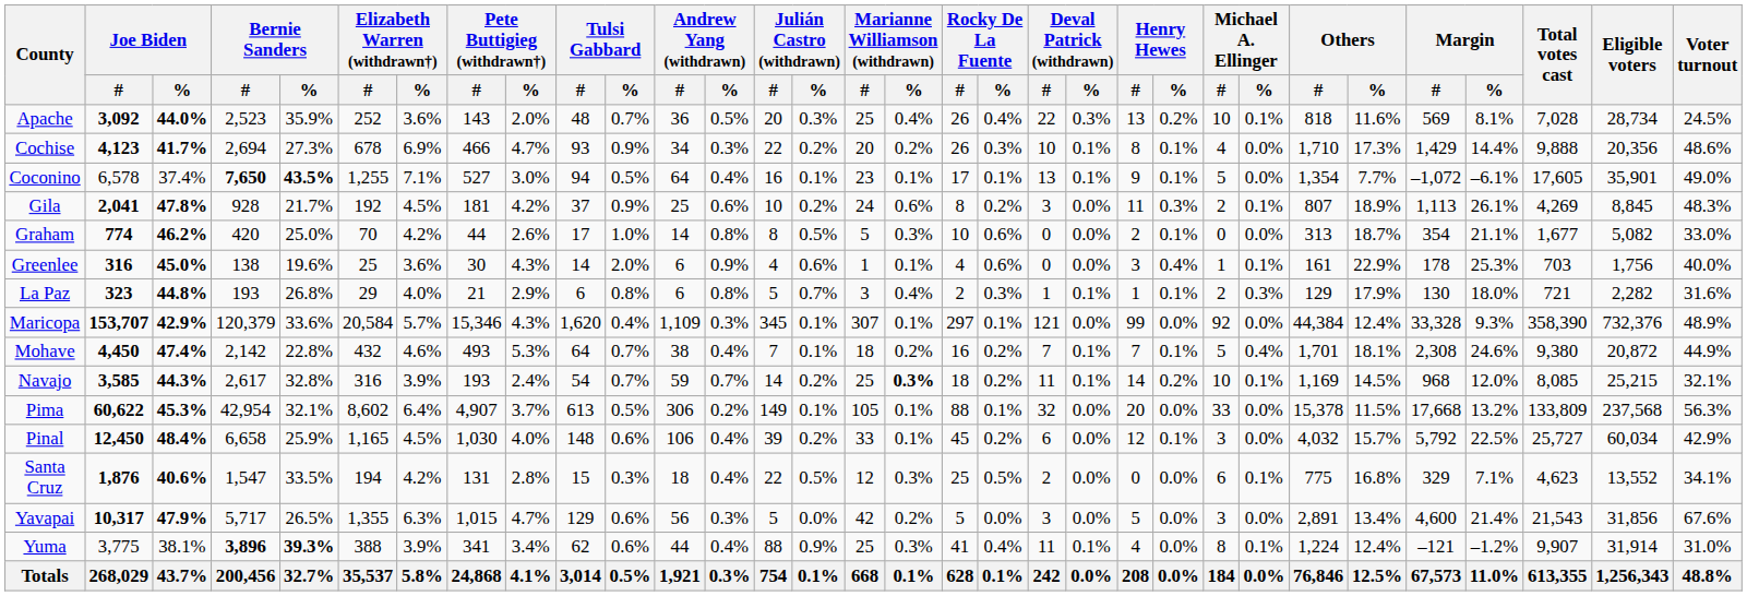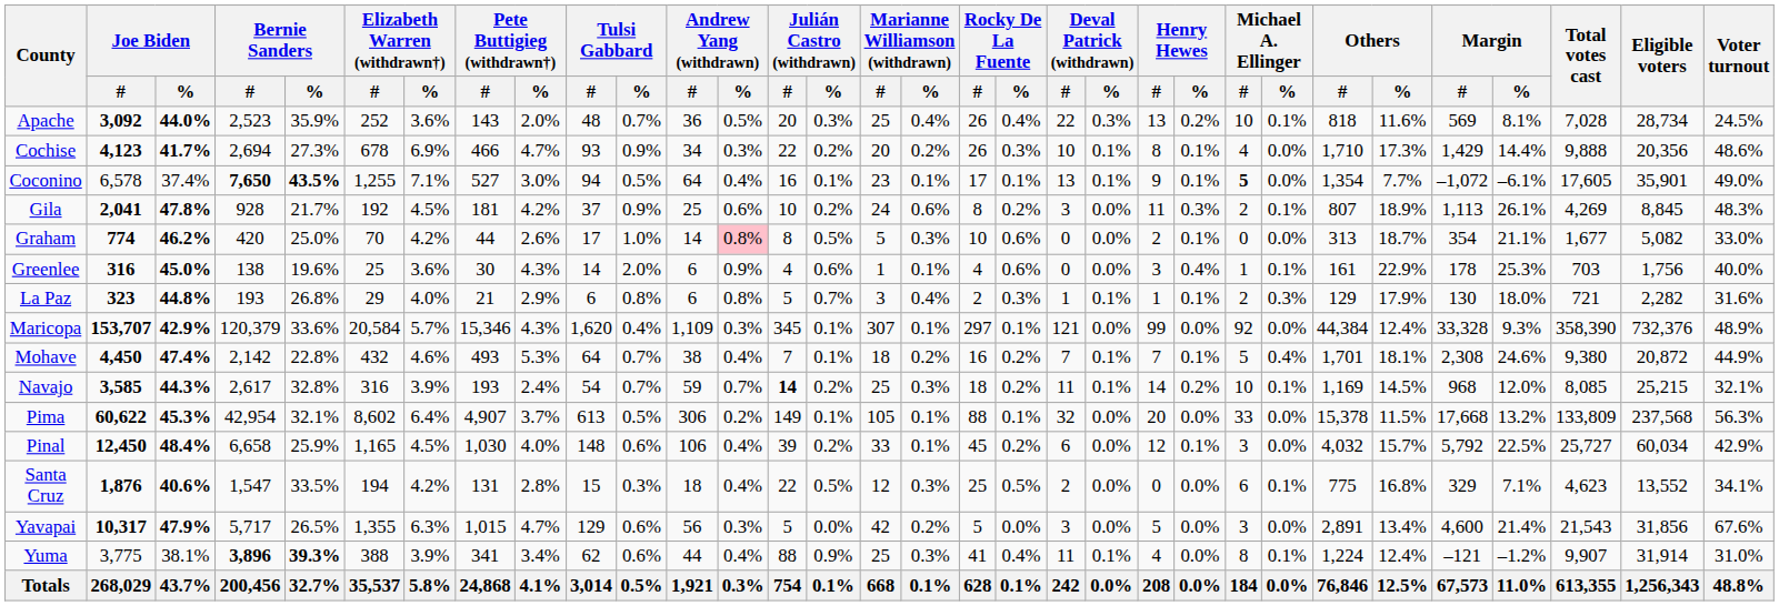 <table class="wikitable sortable">
 <tr>
 <th rowspan="2">County</th>
 <th colspan="2"><a href='#'>Joe Biden</a></th>
 <th colspan="2"><a href='#'>Bernie Sanders</a></th>
 <th colspan="2"><a href='#'>Elizabeth Warren</a><br><small>(withdrawn†)</small></th>
 <th colspan="2"><a href='#'>Pete Buttigieg</a><br><small>(withdrawn†)</small></th>
 <th colspan="2"><a href='#'>Tulsi Gabbard</a></th>
 <th colspan="2"><a href='#'>Andrew Yang</a><br><small>(withdrawn)</small></th>
 <th colspan="2"><a href='#'>Julián Castro</a><br><small>(withdrawn)</small></th>
 <th colspan="2"><a href='#'>Marianne Williamson</a><br><small>(withdrawn)</small></th>
 <th colspan="2"><a href='#'>Rocky De La Fuente</a></th>
 <th colspan="2"><a href='#'>Deval Patrick</a><br><small>(withdrawn)</small></th>
 <th colspan="2"><a href='#'>Henry Hewes</a></th>
 <th colspan="2">Michael A. Ellinger</th>
 <th colspan="2">Others</th>
 <th colspan="2">Margin</th>
 <th rowspan="2">Total votes cast</th>
 <th rowspan="2">Eligible voters</th>
 <th rowspan="2">Voter turnout</th>
 </tr>
 <tr>
 <th data-sort-type="number" style="text-align:center;">#</th>
 <th data-sort-type="number" style="text-align:center;">%</th>
 <th data-sort-type="number" style="text-align:center;">#</th>
 <th data-sort-type="number" style="text-align:center;">%</th>
 <th data-sort-type="number" style="text-align:center;">#</th>
 <th data-sort-type="number" style="text-align:center;">%</th>
 <th data-sort-type="number" style="text-align:center;">#</th>
 <th data-sort-type="number" style="text-align:center;">%</th>
 <th data-sort-type="number" style="text-align:center;">#</th>
 <th data-sort-type="number" style="text-align:center;">%</th>
 <th data-sort-type="number" style="text-align:center;">#</th>
 <th data-sort-type="number" style="text-align:center;">%</th>
 <th data-sort-type="number" style="text-align:center;">#</th>
 <th data-sort-type="number" style="text-align:center;">%</th>
 <th data-sort-type="number" style="text-align:center;">#</th>
 <th data-sort-type="number" style="text-align:center;">%</th>
 <th>#</th>
 <th>%</th>
 <th>#</th>
 <th>%</th>
 <th>#</th>
 <th>%</th>
 <th>#</th>
 <th>%</th>
 <th>#</th>
 <th>%</th>
 <th data-sort-type="number" style="text-align:center;">#</th>
 <th data-sort-type="number" style="text-align:center;">%</th>
 </tr>
 <tr style="text-align:center;">
 <td><a href='#'>Apache</a></td>
 <td><strong>3,092</strong></td>
 <td><strong>44.0%</strong></td>
 <td>2,523</td>
 <td>35.9%</td>
 <td>252</td>
 <td>3.6%</td>
 <td>143</td>
 <td>2.0%</td>
 <td>48</td>
 <td>0.7%</td>
 <td>36</td>
 <td>0.5%</td>
 <td>20</td>
 <td>0.3%</td>
 <td>25</td>
 <td>0.4%</td>
 <td>26</td>
 <td>0.4%</td>
 <td>22</td>
 <td>0.3%</td>
 <td>13</td>
 <td>0.2%</td>
 <td>10</td>
 <td>0.1%</td>
 <td>818</td>
 <td>11.6%</td>
 <td>569</td>
 <td>8.1%</td>
 <td>7,028</td>
 <td>28,734</td>
 <td>24.5%</td>
 </tr>
 <tr style="text-align:center;">
 <td><a href='#'>Cochise</a></td>
 <td><strong>4,123</strong></td>
 <td><strong>41.7%</strong></td>
 <td>2,694</td>
 <td>27.3%</td>
 <td>678</td>
 <td>6.9%</td>
 <td>466</td>
 <td>4.7%</td>
 <td>93</td>
 <td>0.9%</td>
 <td>34</td>
 <td>0.3%</td>
 <td>22</td>
 <td>0.2%</td>
 <td>20</td>
 <td>0.2%</td>
 <td>26</td>
 <td>0.3%</td>
 <td>10</td>
 <td>0.1%</td>
 <td>8</td>
 <td>0.1%</td>
 <td>4</td>
 <td>0.0%</td>
 <td>1,710</td>
 <td>17.3%</td>
 <td>1,429</td>
 <td>14.4%</td>
 <td>9,888</td>
 <td>20,356</td>
 <td>48.6%</td>
 </tr>
 <tr style="text-align:center;">
 <td><a href='#'>Coconino</a></td>
 <td>6,578</td>
 <td>37.4%</td>
 <td><strong>7,650</strong></td>
 <td><strong>43.5%</strong></td>
 <td>1,255</td>
 <td>7.1%</td>
 <td>527</td>
 <td>3.0%</td>
 <td>94</td>
 <td>0.5%</td>
 <td>64</td>
 <td>0.4%</td>
 <td>16</td>
 <td>0.1%</td>
 <td>23</td>
 <td>0.1%</td>
 <td>17</td>
 <td>0.1%</td>
 <td>13</td>
 <td>0.1%</td>
 <td>9</td>
 <td>0.1%</td>
-<td>5</td>
+<td><strong>5</strong></td>
 <td>0.0%</td>
 <td>1,354</td>
 <td>7.7%</td>
 <td>–1,072</td>
 <td>–6.1%</td>
 <td>17,605</td>
 <td>35,901</td>
 <td>49.0%</td>
 </tr>
 <tr style="text-align:center;">
 <td><a href='#'>Gila</a></td>
 <td><strong>2,041</strong></td>
 <td><strong>47.8%</strong></td>
 <td>928</td>
 <td>21.7%</td>
 <td>192</td>
 <td>4.5%</td>
 <td>181</td>
 <td>4.2%</td>
 <td>37</td>
 <td>0.9%</td>
 <td>25</td>
 <td>0.6%</td>
 <td>10</td>
 <td>0.2%</td>
 <td>24</td>
 <td>0.6%</td>
 <td>8</td>
 <td>0.2%</td>
 <td>3</td>
 <td>0.0%</td>
 <td>11</td>
 <td>0.3%</td>
 <td>2</td>
 <td>0.1%</td>
 <td>807</td>
 <td>18.9%</td>
 <td>1,113</td>
 <td>26.1%</td>
 <td>4,269</td>
 <td>8,845</td>
 <td>48.3%</td>
 </tr>
 <tr style="text-align:center;">
 <td><a href='#'>Graham</a></td>
 <td><strong>774</strong></td>
 <td><strong>46.2%</strong></td>
 <td>420</td>
 <td>25.0%</td>
 <td>70</td>
 <td>4.2%</td>
 <td>44</td>
 <td>2.6%</td>
 <td>17</td>
 <td>1.0%</td>
 <td>14</td>
-<td>0.8%</td>
+<td style="background: pink;">0.8%</td>
 <td>8</td>
 <td>0.5%</td>
 <td>5</td>
 <td>0.3%</td>
 <td>10</td>
 <td>0.6%</td>
 <td>0</td>
 <td>0.0%</td>
 <td>2</td>
 <td>0.1%</td>
 <td>0</td>
 <td>0.0%</td>
 <td>313</td>
 <td>18.7%</td>
 <td>354</td>
 <td>21.1%</td>
 <td>1,677</td>
 <td>5,082</td>
 <td>33.0%</td>
 </tr>
 <tr style="text-align:center;">
 <td><a href='#'>Greenlee</a></td>
 <td><strong>316</strong></td>
 <td><strong>45.0%</strong></td>
 <td>138</td>
 <td>19.6%</td>
 <td>25</td>
 <td>3.6%</td>
 <td>30</td>
 <td>4.3%</td>
 <td>14</td>
 <td>2.0%</td>
 <td>6</td>
 <td>0.9%</td>
 <td>4</td>
 <td>0.6%</td>
 <td>1</td>
 <td>0.1%</td>
 <td>4</td>
 <td>0.6%</td>
 <td>0</td>
 <td>0.0%</td>
 <td>3</td>
 <td>0.4%</td>
 <td>1</td>
 <td>0.1%</td>
 <td>161</td>
 <td>22.9%</td>
 <td>178</td>
 <td>25.3%</td>
 <td>703</td>
 <td>1,756</td>
 <td>40.0%</td>
 </tr>
 <tr style="text-align:center;">
 <td><a href='#'>La Paz</a></td>
 <td><strong>323</strong></td>
 <td><strong>44.8%</strong></td>
 <td>193</td>
 <td>26.8%</td>
 <td>29</td>
 <td>4.0%</td>
 <td>21</td>
 <td>2.9%</td>
 <td>6</td>
 <td>0.8%</td>
 <td>6</td>
 <td>0.8%</td>
 <td>5</td>
 <td>0.7%</td>
 <td>3</td>
 <td>0.4%</td>
 <td>2</td>
 <td>0.3%</td>
 <td>1</td>
 <td>0.1%</td>
 <td>1</td>
 <td>0.1%</td>
 <td>2</td>
 <td>0.3%</td>
 <td>129</td>
 <td>17.9%</td>
 <td>130</td>
 <td>18.0%</td>
 <td>721</td>
 <td>2,282</td>
 <td>31.6%</td>
 </tr>
 <tr style="text-align:center;">
 <td><a href='#'>Maricopa</a></td>
 <td><strong>153,707</strong></td>
 <td><strong>42.9%</strong></td>
 <td>120,379</td>
 <td>33.6%</td>
 <td>20,584</td>
 <td>5.7%</td>
 <td>15,346</td>
 <td>4.3%</td>
 <td>1,620</td>
 <td>0.4%</td>
 <td>1,109</td>
 <td>0.3%</td>
 <td>345</td>
 <td>0.1%</td>
 <td>307</td>
 <td>0.1%</td>
 <td>297</td>
 <td>0.1%</td>
 <td>121</td>
 <td>0.0%</td>
 <td>99</td>
 <td>0.0%</td>
 <td>92</td>
 <td>0.0%</td>
 <td>44,384</td>
 <td>12.4%</td>
 <td>33,328</td>
 <td>9.3%</td>
 <td>358,390</td>
 <td>732,376</td>
 <td>48.9%</td>
 </tr>
 <tr style="text-align:center;">
 <td><a href='#'>Mohave</a></td>
 <td><strong>4,450</strong></td>
 <td><strong>47.4%</strong></td>
 <td>2,142</td>
 <td>22.8%</td>
 <td>432</td>
 <td>4.6%</td>
 <td>493</td>
 <td>5.3%</td>
 <td>64</td>
 <td>0.7%</td>
 <td>38</td>
 <td>0.4%</td>
 <td>7</td>
 <td>0.1%</td>
 <td>18</td>
 <td>0.2%</td>
 <td>16</td>
 <td>0.2%</td>
 <td>7</td>
 <td>0.1%</td>
 <td>7</td>
 <td>0.1%</td>
 <td>5</td>
 <td>0.4%</td>
 <td>1,701</td>
 <td>18.1%</td>
 <td>2,308</td>
 <td>24.6%</td>
 <td>9,380</td>
 <td>20,872</td>
 <td>44.9%</td>
 </tr>
 <tr style="text-align:center;">
 <td><a href='#'>Navajo</a></td>
 <td><strong>3,585</strong></td>
 <td><strong>44.3%</strong></td>
 <td>2,617</td>
 <td>32.8%</td>
 <td>316</td>
 <td>3.9%</td>
 <td>193</td>
 <td>2.4%</td>
 <td>54</td>
 <td>0.7%</td>
 <td>59</td>
 <td>0.7%</td>
-<td>14</td>
+<td><strong>14</strong></td>
 <td>0.2%</td>
 <td>25</td>
-<td><strong>0.3%</strong></td>
+<td>0.3%</td>
 <td>18</td>
 <td>0.2%</td>
 <td>11</td>
 <td>0.1%</td>
 <td>14</td>
 <td>0.2%</td>
 <td>10</td>
 <td>0.1%</td>
 <td>1,169</td>
 <td>14.5%</td>
 <td>968</td>
 <td>12.0%</td>
 <td>8,085</td>
 <td>25,215</td>
 <td>32.1%</td>
 </tr>
 <tr style="text-align:center;">
 <td><a href='#'>Pima</a></td>
 <td><strong>60,622</strong></td>
 <td><strong>45.3%</strong></td>
 <td>42,954</td>
 <td>32.1%</td>
 <td>8,602</td>
 <td>6.4%</td>
 <td>4,907</td>
 <td>3.7%</td>
 <td>613</td>
 <td>0.5%</td>
 <td>306</td>
 <td>0.2%</td>
 <td>149</td>
 <td>0.1%</td>
 <td>105</td>
 <td>0.1%</td>
 <td>88</td>
 <td>0.1%</td>
 <td>32</td>
 <td>0.0%</td>
 <td>20</td>
 <td>0.0%</td>
 <td>33</td>
 <td>0.0%</td>
 <td>15,378</td>
 <td>11.5%</td>
 <td>17,668</td>
 <td>13.2%</td>
 <td>133,809</td>
 <td>237,568</td>
 <td>56.3%</td>
 </tr>
 <tr style="text-align:center;">
 <td><a href='#'>Pinal</a></td>
 <td><strong>12,450</strong></td>
 <td><strong>48.4%</strong></td>
 <td>6,658</td>
 <td>25.9%</td>
 <td>1,165</td>
 <td>4.5%</td>
 <td>1,030</td>
 <td>4.0%</td>
 <td>148</td>
 <td>0.6%</td>
 <td>106</td>
 <td>0.4%</td>
 <td>39</td>
 <td>0.2%</td>
 <td>33</td>
 <td>0.1%</td>
 <td>45</td>
 <td>0.2%</td>
 <td>6</td>
 <td>0.0%</td>
 <td>12</td>
 <td>0.1%</td>
 <td>3</td>
 <td>0.0%</td>
 <td>4,032</td>
 <td>15.7%</td>
 <td>5,792</td>
 <td>22.5%</td>
 <td>25,727</td>
 <td>60,034</td>
 <td>42.9%</td>
 </tr>
 <tr style="text-align:center;">
 <td><a href='#'>Santa Cruz</a></td>
 <td><strong>1,876</strong></td>
 <td><strong>40.6%</strong></td>
 <td>1,547</td>
 <td>33.5%</td>
 <td>194</td>
 <td>4.2%</td>
 <td>131</td>
 <td>2.8%</td>
 <td>15</td>
 <td>0.3%</td>
 <td>18</td>
 <td>0.4%</td>
 <td>22</td>
 <td>0.5%</td>
 <td>12</td>
 <td>0.3%</td>
 <td>25</td>
 <td>0.5%</td>
 <td>2</td>
 <td>0.0%</td>
 <td>0</td>
 <td>0.0%</td>
 <td>6</td>
 <td>0.1%</td>
 <td>775</td>
 <td>16.8%</td>
 <td>329</td>
 <td>7.1%</td>
 <td>4,623</td>
 <td>13,552</td>
 <td>34.1%</td>
 </tr>
 <tr style="text-align:center;">
 <td><a href='#'>Yavapai</a></td>
 <td><strong>10,317</strong></td>
 <td><strong>47.9%</strong></td>
 <td>5,717</td>
 <td>26.5%</td>
 <td>1,355</td>
 <td>6.3%</td>
 <td>1,015</td>
 <td>4.7%</td>
 <td>129</td>
 <td>0.6%</td>
 <td>56</td>
 <td>0.3%</td>
 <td>5</td>
 <td>0.0%</td>
 <td>42</td>
 <td>0.2%</td>
 <td>5</td>
 <td>0.0%</td>
 <td>3</td>
 <td>0.0%</td>
 <td>5</td>
 <td>0.0%</td>
 <td>3</td>
 <td>0.0%</td>
 <td>2,891</td>
 <td>13.4%</td>
 <td>4,600</td>
 <td>21.4%</td>
 <td>21,543</td>
 <td>31,856</td>
 <td>67.6%</td>
 </tr>
 <tr style="text-align:center;">
 <td><a href='#'>Yuma</a></td>
 <td>3,775</td>
 <td>38.1%</td>
 <td><strong>3,896</strong></td>
 <td><strong>39.3%</strong></td>
 <td>388</td>
 <td>3.9%</td>
 <td>341</td>
 <td>3.4%</td>
 <td>62</td>
 <td>0.6%</td>
 <td>44</td>
 <td>0.4%</td>
 <td>88</td>
 <td>0.9%</td>
 <td>25</td>
 <td>0.3%</td>
 <td>41</td>
 <td>0.4%</td>
 <td>11</td>
 <td>0.1%</td>
 <td>4</td>
 <td>0.0%</td>
 <td>8</td>
 <td>0.1%</td>
 <td>1,224</td>
 <td>12.4%</td>
 <td>–121</td>
 <td>–1.2%</td>
 <td>9,907</td>
 <td>31,914</td>
 <td>31.0%</td>
 </tr>
 <tr style="text-align:center;">
 <th>Totals</th>
 <th>268,029</th>
 <th>43.7%</th>
 <th>200,456</th>
 <th>32.7%</th>
 <th>35,537</th>
 <th>5.8%</th>
 <th>24,868</th>
 <th>4.1%</th>
 <th>3,014</th>
 <th>0.5%</th>
 <th>1,921</th>
 <th>0.3%</th>
 <th>754</th>
 <th>0.1%</th>
 <th>668</th>
 <th>0.1%</th>
 <th>628</th>
 <th>0.1%</th>
 <th>242</th>
 <th>0.0%</th>
 <th>208</th>
 <th>0.0%</th>
 <th>184</th>
 <th>0.0%</th>
 <th>76,846</th>
 <th>12.5%</th>
 <th>67,573</th>
 <th>11.0%</th>
 <th>613,355</th>
 <th>1,256,343</th>
 <th>48.8%</th>
 </tr>
 </table>
